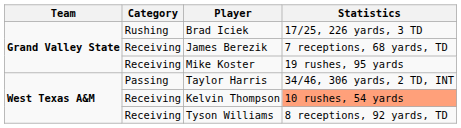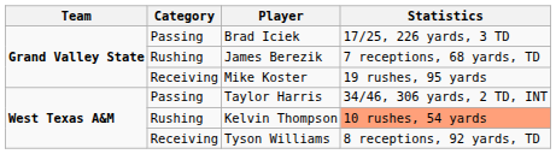 <table class="wikitable" style="float: right;">
 <tr>
 <th>Team</th>
 <th>Category</th>
 <th>Player</th>
 <th>Statistics</th>
 </tr>
 <tr>
 <td rowspan=3><strong>Grand Valley State</strong></td>
-<td>Rushing</td>
+<td>Passing</td>
 <td>Brad Iciek</td>
 <td>17/25, 226 yards, 3 TD</td>
 </tr>
 <tr>
-<td>Receiving</td>
+<td>Rushing</td>
 <td>James Berezik</td>
 <td>7 receptions, 68 yards, TD</td>
 </tr>
 <tr>
 <td>Receiving</td>
 <td>Mike Koster</td>
 <td>19 rushes, 95 yards</td>
 </tr>
 <tr>
 <td rowspan=3><strong>West Texas A&M</strong></td>
 <td>Passing</td>
 <td>Taylor Harris</td>
 <td>34/46, 306 yards, 2 TD, INT</td>
 </tr>
 <tr>
-<td>Receiving</td>
+<td>Rushing</td>
 <td>Kelvin Thompson</td>
 <td style="background: lightsalmon;">10 rushes, 54 yards</td>
 </tr>
 <tr>
 <td>Receiving</td>
 <td>Tyson Williams</td>
 <td>8 receptions, 92 yards, TD</td>
 </tr>
 </table>
